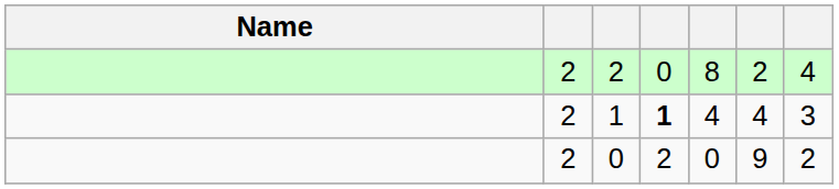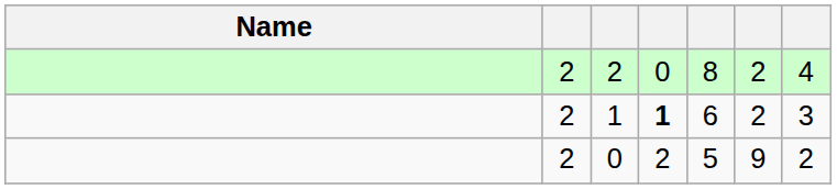 <table class=wikitable style="text-align:center">
 <tr>
 <th width=300>Name</th>
 <th width=20></th>
 <th width=20></th>
 <th width=20></th>
 <th width=20></th>
 <th width=20></th>
 <th width=20></th>
 </tr>
 <tr style="background-color:#ccffcc;">
 <td style="text-align:left;"></td>
 <td>2</td>
 <td>2</td>
 <td>0</td>
 <td>8</td>
 <td>2</td>
 <td>4</td>
 </tr>
 <tr>
 <td style="text-align:left;"></td>
 <td>2</td>
 <td>1</td>
 <td><strong>1</strong></td>
-<td>4</td>
-<td>4</td>
+<td>6</td>
+<td>2</td>
 <td>3</td>
 </tr>
 <tr>
 <td style="text-align:left;"></td>
 <td>2</td>
 <td>0</td>
 <td>2</td>
-<td>0</td>
+<td>5</td>
 <td>9</td>
 <td>2</td>
 </tr>
 </table>
